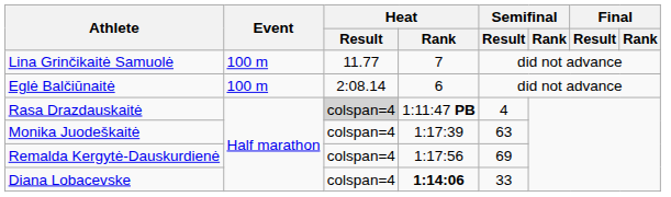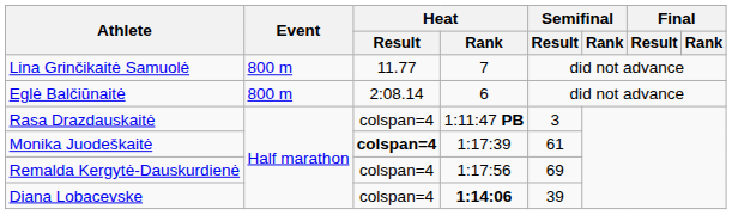 <table class="wikitable" style="font-size:90%">
 <tr>
 <th rowspan=2>Athlete</th>
 <th rowspan=2>Event</th>
 <th colspan=2>Heat</th>
 <th colspan=2>Semifinal</th>
 <th colspan=2>Final</th>
 </tr>
 <tr style="font-size:95%">
 <th>Result</th>
 <th>Rank</th>
 <th>Result</th>
 <th>Rank</th>
 <th>Result</th>
 <th>Rank</th>
 </tr>
 <tr align=center>
 <td align=left><a href='#'>Lina Grinčikaitė Samuolė</a></td>
-<td style="text-align:left;"><a href='#'>100 m</a></td>
+<td style="text-align:left;"><a href='#'>800 m</a></td>
 <td>11.77</td>
 <td>7</td>
 <td colspan=4>did not advance</td>
 </tr>
 <tr align=center>
 <td align=left><a href='#'>Eglė Balčiūnaitė</a></td>
-<td style="text-align:left;"><a href='#'>100 m</a></td>
+<td style="text-align:left;"><a href='#'>800 m</a></td>
 <td>2:08.14</td>
 <td>6</td>
 <td colspan=4>did not advance</td>
 </tr>
 <tr align=center>
 <td align=left><a href='#'>Rasa Drazdauskaitė</a></td>
 <td style="text-align:left;" rowspan=4><a href='#'>Half marathon</a></td>
-<td style="background: lightgrey;">colspan=4 </td>
+<td>colspan=4 </td>
 <td>1:11:47 <strong>PB</strong></td>
-<td>4</td>
+<td>3</td>
 </tr>
 <tr align=center>
 <td align=left><a href='#'>Monika Juodeškaitė</a></td>
-<td>colspan=4 </td>
+<td><strong>colspan=4 </strong></td>
 <td>1:17:39</td>
-<td>63</td>
+<td>61</td>
 </tr>
 <tr align=center>
 <td align=left><a href='#'>Remalda Kergytė-Dauskurdienė</a></td>
 <td>colspan=4 </td>
 <td>1:17:56</td>
 <td>69</td>
 </tr>
 <tr align=center>
 <td align=left><a href='#'>Diana Lobacevske</a></td>
 <td>colspan=4 </td>
 <td><strong>1:14:06</strong></td>
-<td>33</td>
+<td>39</td>
 </tr>
 </table>
